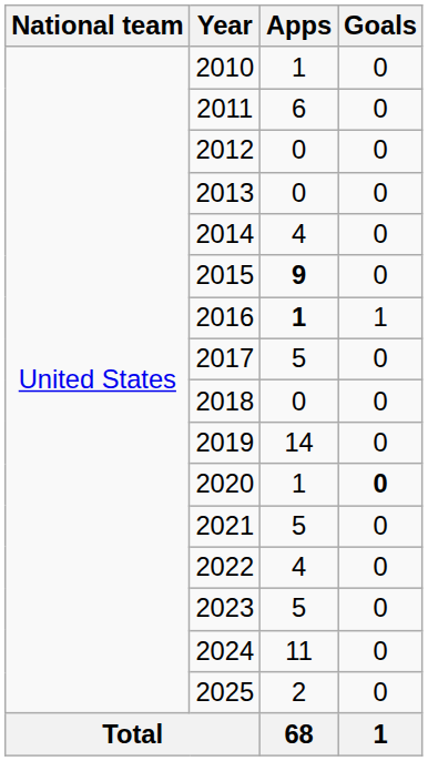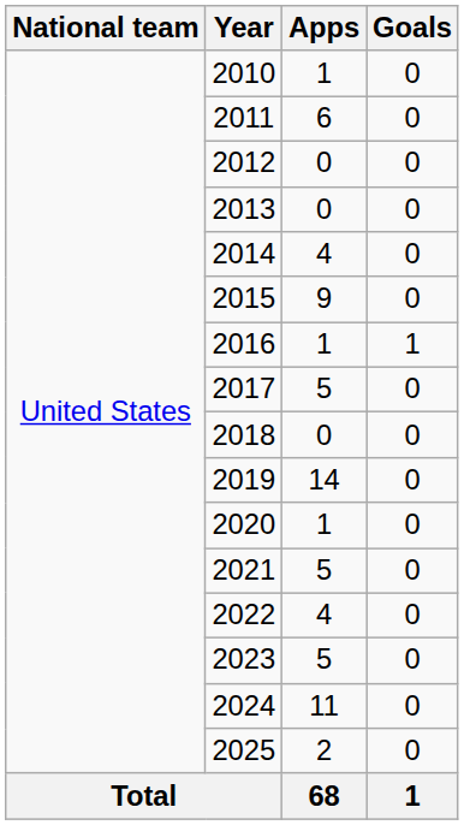 <table class="wikitable" style="text-align:center">
 <tr>
 <th>National team</th>
 <th>Year</th>
 <th>Apps</th>
 <th>Goals</th>
 </tr>
 <tr>
 <td rowspan="16"><a href='#'>United States</a></td>
 <td>2010</td>
 <td>1</td>
 <td>0</td>
 </tr>
 <tr>
 <td>2011</td>
 <td>6</td>
 <td>0</td>
 </tr>
 <tr>
 <td>2012</td>
 <td>0</td>
 <td>0</td>
 </tr>
 <tr>
 <td>2013</td>
 <td>0</td>
 <td>0</td>
 </tr>
 <tr>
 <td>2014</td>
 <td>4</td>
 <td>0</td>
 </tr>
 <tr>
 <td>2015</td>
-<td><strong>9</strong></td>
+<td>9</td>
 <td>0</td>
 </tr>
 <tr>
 <td>2016</td>
-<td><strong>1</strong></td>
+<td>1</td>
 <td>1</td>
 </tr>
 <tr>
 <td>2017</td>
 <td>5</td>
 <td>0</td>
 </tr>
 <tr>
 <td>2018</td>
 <td>0</td>
 <td>0</td>
 </tr>
 <tr>
 <td>2019</td>
 <td>14</td>
 <td>0</td>
 </tr>
 <tr>
 <td>2020</td>
 <td>1</td>
-<td><strong>0</strong></td>
+<td>0</td>
 </tr>
 <tr>
 <td>2021</td>
 <td>5</td>
 <td>0</td>
 </tr>
 <tr>
 <td>2022</td>
 <td>4</td>
 <td>0</td>
 </tr>
 <tr>
 <td>2023</td>
 <td>5</td>
 <td>0</td>
 </tr>
 <tr>
 <td>2024</td>
 <td>11</td>
 <td>0</td>
 </tr>
 <tr>
 <td>2025</td>
 <td>2</td>
 <td>0</td>
 </tr>
 <tr>
 <th colspan="2">Total</th>
 <th>68</th>
 <th>1</th>
 </tr>
 </table>
